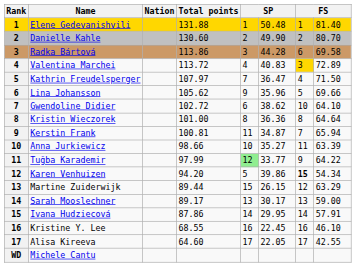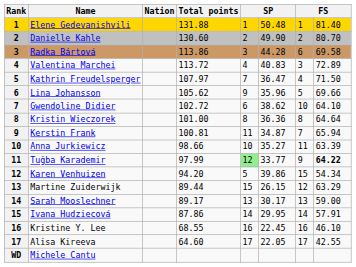 <table class="wikitable">
 <tr>
 <th>Rank</th>
 <th>Name</th>
 <th>Nation</th>
 <th>Total points</th>
 <th colspan="2" width="80px">SP</th>
 <th colspan="2" width="80px">FS</th>
 </tr>
 <tr bgcolor="gold">
 <td align="center"><strong>1</strong></td>
 <td><a href='#'>Elene Gedevanishvili</a></td>
 <td></td>
 <td>131.88</td>
 <td>1</td>
 <td>50.48</td>
 <td>1</td>
 <td>81.40</td>
 </tr>
 <tr bgcolor="silver">
 <td align="center"><strong>2</strong></td>
 <td><a href='#'>Danielle Kahle</a></td>
 <td></td>
 <td>130.60</td>
 <td>2</td>
 <td>49.90</td>
 <td>2</td>
 <td>80.70</td>
 </tr>
 <tr bgcolor="cc9966">
 <td align="center"><strong>3</strong></td>
 <td><a href='#'>Radka Bártová</a></td>
 <td></td>
 <td>113.86</td>
 <td>3</td>
 <td>44.28</td>
 <td>6</td>
 <td>69.58</td>
 </tr>
 <tr>
 <th>4</th>
 <td><a href='#'>Valentina Marchei</a></td>
 <td></td>
 <td>113.72</td>
 <td>4</td>
 <td>40.83</td>
-<td style="background: gold;">3</td>
+<td>3</td>
 <td>72.89</td>
 </tr>
 <tr>
 <th>5</th>
 <td><a href='#'>Kathrin Freudelsperger</a></td>
 <td></td>
 <td>107.97</td>
 <td>7</td>
 <td>36.47</td>
 <td>4</td>
 <td>71.50</td>
 </tr>
 <tr>
 <th>6</th>
 <td><a href='#'>Lina Johansson</a></td>
 <td></td>
 <td>105.62</td>
 <td>9</td>
 <td>35.96</td>
 <td>5</td>
 <td>69.66</td>
 </tr>
 <tr>
 <th>7</th>
 <td><a href='#'>Gwendoline Didier</a></td>
 <td></td>
 <td>102.72</td>
 <td>6</td>
 <td>38.62</td>
 <td>10</td>
 <td>64.10</td>
 </tr>
 <tr>
 <th>8</th>
 <td><a href='#'>Kristin Wieczorek</a></td>
 <td></td>
 <td>101.00</td>
 <td>8</td>
 <td>36.36</td>
 <td>8</td>
 <td>64.64</td>
 </tr>
 <tr>
 <th>9</th>
 <td><a href='#'>Kerstin Frank</a></td>
 <td></td>
 <td>100.81</td>
 <td>11</td>
 <td>34.87</td>
 <td>7</td>
 <td>65.94</td>
 </tr>
 <tr>
 <th>10</th>
 <td><a href='#'>Anna Jurkiewicz</a></td>
 <td></td>
 <td>98.66</td>
 <td>10</td>
 <td>35.27</td>
 <td>11</td>
 <td>63.39</td>
 </tr>
 <tr>
 <th>11</th>
 <td><a href='#'>Tuğba Karademir</a></td>
 <td></td>
 <td>97.99</td>
 <td style="background: lightgreen;">12</td>
 <td>33.77</td>
 <td>9</td>
-<td>64.22</td>
+<td><strong>64.22</strong></td>
 </tr>
 <tr>
 <th>12</th>
 <td><a href='#'>Karen Venhuizen</a></td>
 <td></td>
 <td>94.20</td>
 <td>5</td>
 <td>39.86</td>
-<td><strong>15</strong></td>
+<td>15</td>
 <td>54.34</td>
 </tr>
 <tr>
 <th>13</th>
 <td>Martine Zuiderwijk</td>
 <td></td>
 <td>89.44</td>
 <td>15</td>
 <td>26.15</td>
 <td>12</td>
 <td>63.29</td>
 </tr>
 <tr>
 <th>14</th>
 <td><a href='#'>Sarah Mooslechner</a></td>
 <td></td>
 <td>89.17</td>
 <td>13</td>
 <td>30.17</td>
 <td>13</td>
 <td>59.00</td>
 </tr>
 <tr>
 <th>15</th>
 <td><a href='#'>Ivana Hudziecová</a></td>
 <td></td>
 <td>87.86</td>
 <td>14</td>
 <td>29.95</td>
 <td>14</td>
 <td>57.91</td>
 </tr>
 <tr>
 <th>16</th>
 <td>Kristine Y. Lee</td>
 <td></td>
 <td>68.55</td>
 <td>16</td>
 <td>22.45</td>
 <td>16</td>
 <td>46.10</td>
 </tr>
 <tr>
 <th>17</th>
 <td>Alisa Kireeva</td>
 <td></td>
 <td>64.60</td>
 <td>17</td>
 <td>22.05</td>
 <td>17</td>
 <td>42.55</td>
 </tr>
 <tr>
 <th>WD</th>
 <td><a href='#'>Michele Cantu</a></td>
 <td></td>
 <td></td>
 <td></td>
 <td></td>
 <td></td>
 <td></td>
 </tr>
 </table>
